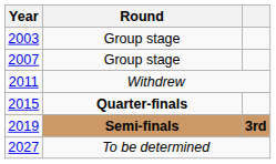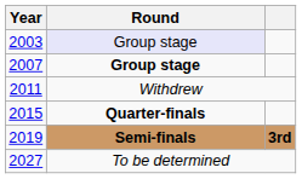 <table class="wikitable" style="text-align: center; font-size:90%">
 <tr>
 <th>Year</th>
 <th style="width:200px">Round</th>
 <th></th>
 </tr>
 <tr>
 <td><a href='#'>2003</a></td>
-<td>Group stage</td>
+<td style="background: lavender;">Group stage</td>
 <td></td>
 </tr>
 <tr>
 <td><a href='#'>2007</a></td>
-<td>Group stage</td>
+<td><strong>Group stage</strong></td>
 <td></td>
 </tr>
 <tr>
 <td><a href='#'>2011</a></td>
 <td colspan="2"><em>Withdrew</em></td>
 </tr>
 <tr>
 <td><a href='#'>2015</a></td>
 <td><strong>Quarter-finals</strong></td>
 <td></td>
 </tr>
 <tr>
 <td><a href='#'>2019</a></td>
 <td bgcolor="cc9966"><strong>Semi-finals</strong></td>
 <td bgcolor="cc9966"><strong>3rd</strong></td>
 </tr>
 <tr>
 <td><a href='#'>2027</a></td>
 <td colspan="2"><em>To be determined</em></td>
 </tr>
 </table>
